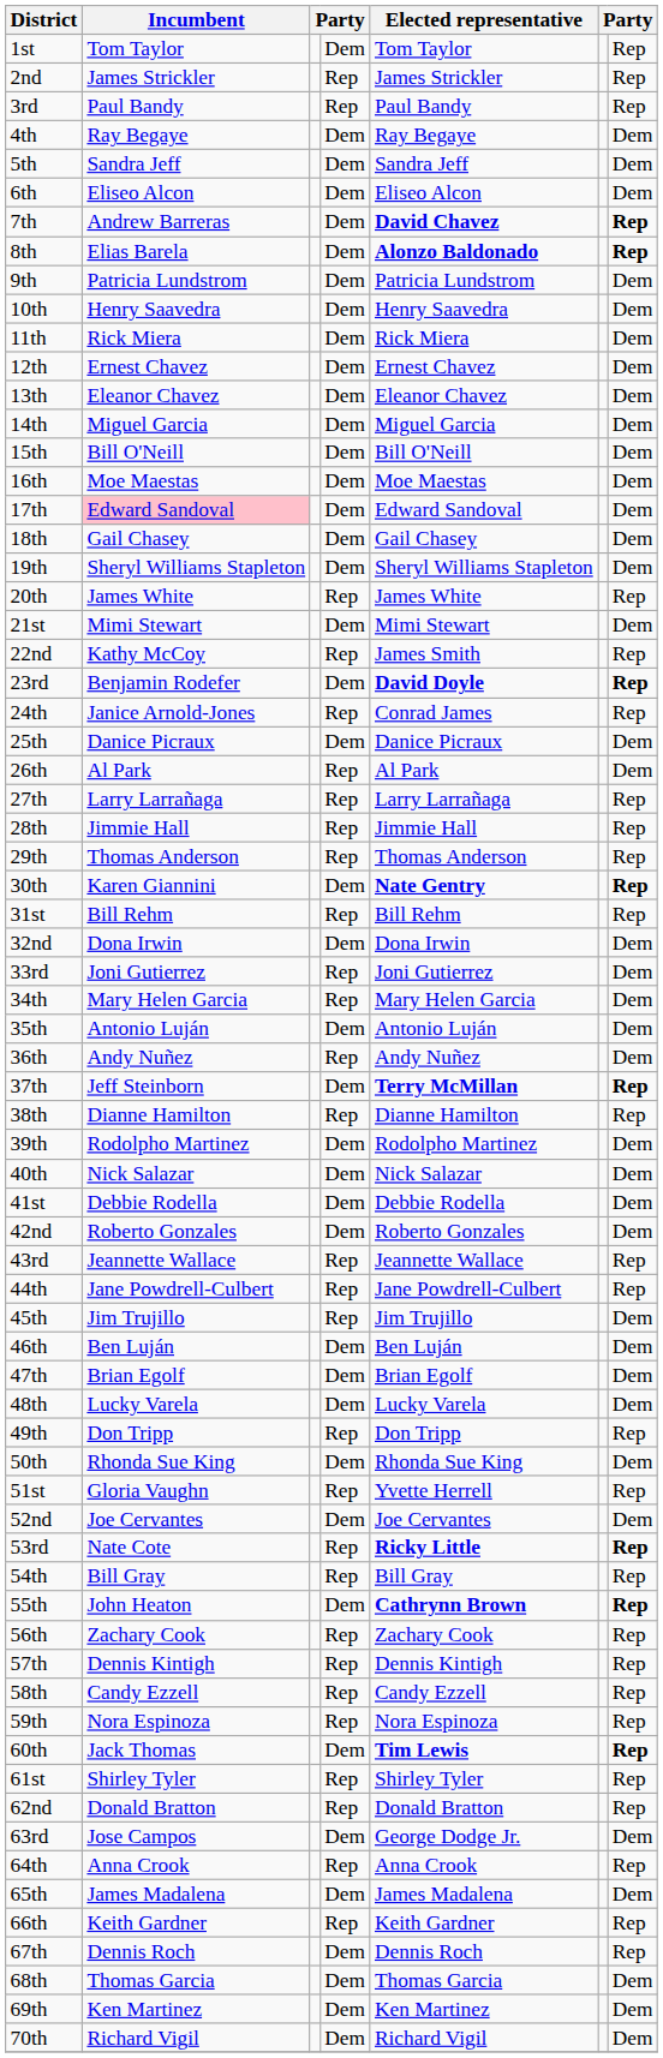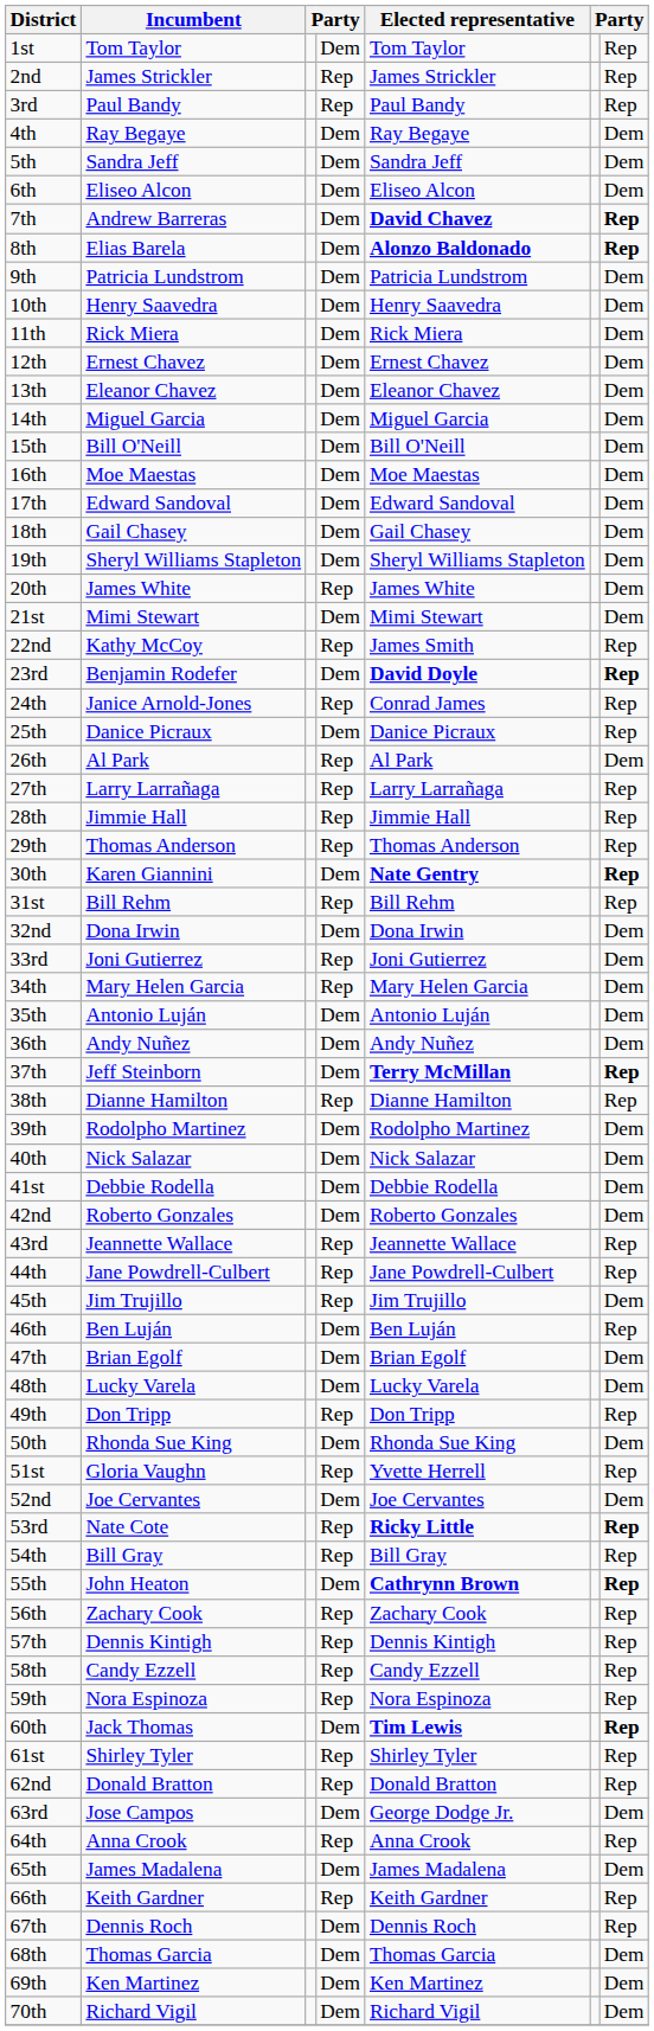 <table class=wikitable style="font-size:95%;line-height:14px;">
 <tr>
 <th>District</th>
 <th><a href='#'>Incumbent</a></th>
 <th colspan=2>Party</th>
 <th>Elected representative</th>
 <th colspan=2>Party</th>
 </tr>
 <tr>
 <td>1st</td>
 <td><a href='#'>Tom Taylor</a></td>
 <td style="background:"></td>
 <td>Dem</td>
 <td><a href='#'>Tom Taylor</a></td>
 <td style="background:"></td>
 <td>Rep</td>
 </tr>
 <tr>
 <td>2nd</td>
 <td><a href='#'>James Strickler</a></td>
 <td style="background:"></td>
 <td>Rep</td>
 <td><a href='#'>James Strickler</a></td>
 <td style="background:"></td>
 <td>Rep</td>
 </tr>
 <tr>
 <td>3rd</td>
 <td><a href='#'>Paul Bandy</a></td>
 <td style="background:"></td>
 <td>Rep</td>
 <td><a href='#'>Paul Bandy</a></td>
 <td style="background:"></td>
 <td>Rep</td>
 </tr>
 <tr>
 <td>4th</td>
 <td><a href='#'>Ray Begaye</a></td>
 <td style="background:"></td>
 <td>Dem</td>
 <td><a href='#'>Ray Begaye</a></td>
 <td style="background:"></td>
 <td>Dem</td>
 </tr>
 <tr>
 <td>5th</td>
 <td><a href='#'>Sandra Jeff</a></td>
 <td style="background:"></td>
 <td>Dem</td>
 <td><a href='#'>Sandra Jeff</a></td>
 <td style="background:"></td>
 <td>Dem</td>
 </tr>
 <tr>
 <td>6th</td>
 <td><a href='#'>Eliseo Alcon</a></td>
 <td style="background:"></td>
 <td>Dem</td>
 <td><a href='#'>Eliseo Alcon</a></td>
 <td style="background:"></td>
 <td>Dem</td>
 </tr>
 <tr>
 <td>7th</td>
 <td><a href='#'>Andrew Barreras</a></td>
 <td style="background:"></td>
 <td>Dem</td>
 <td><strong><a href='#'>David Chavez</a></strong></td>
 <td style="background:"></td>
 <td><strong>Rep</strong></td>
 </tr>
 <tr>
 <td>8th</td>
 <td><a href='#'>Elias Barela</a></td>
 <td style="background:"></td>
 <td>Dem</td>
 <td><strong><a href='#'>Alonzo Baldonado</a></strong></td>
 <td style="background:"></td>
 <td><strong>Rep</strong></td>
 </tr>
 <tr>
 <td>9th</td>
 <td><a href='#'>Patricia Lundstrom</a></td>
 <td style="background:"></td>
 <td>Dem</td>
 <td><a href='#'>Patricia Lundstrom</a></td>
 <td style="background:"></td>
 <td>Dem</td>
 </tr>
 <tr>
 <td>10th</td>
 <td><a href='#'>Henry Saavedra</a></td>
 <td style="background:"></td>
 <td>Dem</td>
 <td><a href='#'>Henry Saavedra</a></td>
 <td style="background:"></td>
 <td>Dem</td>
 </tr>
 <tr>
 <td>11th</td>
 <td><a href='#'>Rick Miera</a></td>
 <td style="background:"></td>
 <td>Dem</td>
 <td><a href='#'>Rick Miera</a></td>
 <td style="background:"></td>
 <td>Dem</td>
 </tr>
 <tr>
 <td>12th</td>
 <td><a href='#'>Ernest Chavez</a></td>
 <td style="background:"></td>
 <td>Dem</td>
 <td><a href='#'>Ernest Chavez</a></td>
 <td style="background:"></td>
 <td>Dem</td>
 </tr>
 <tr>
 <td>13th</td>
 <td><a href='#'>Eleanor Chavez</a></td>
 <td style="background:"></td>
 <td>Dem</td>
 <td><a href='#'>Eleanor Chavez</a></td>
 <td style="background:"></td>
 <td>Dem</td>
 </tr>
 <tr>
 <td>14th</td>
 <td><a href='#'>Miguel Garcia</a></td>
 <td style="background:"></td>
 <td>Dem</td>
 <td><a href='#'>Miguel Garcia</a></td>
 <td style="background:"></td>
 <td>Dem</td>
 </tr>
 <tr>
 <td>15th</td>
 <td><a href='#'>Bill O'Neill</a></td>
 <td style="background:"></td>
 <td>Dem</td>
 <td><a href='#'>Bill O'Neill</a></td>
 <td style="background:"></td>
 <td>Dem</td>
 </tr>
 <tr>
 <td>16th</td>
 <td><a href='#'>Moe Maestas</a></td>
 <td style="background:"></td>
 <td>Dem</td>
 <td><a href='#'>Moe Maestas</a></td>
 <td style="background:"></td>
 <td>Dem</td>
 </tr>
 <tr>
 <td>17th</td>
-<td style="background: pink;"><a href='#'>Edward Sandoval</a></td>
+<td><a href='#'>Edward Sandoval</a></td>
 <td style="background:"></td>
 <td>Dem</td>
 <td><a href='#'>Edward Sandoval</a></td>
 <td style="background:"></td>
 <td>Dem</td>
 </tr>
 <tr>
 <td>18th</td>
 <td><a href='#'>Gail Chasey</a></td>
 <td style="background:"></td>
 <td>Dem</td>
 <td><a href='#'>Gail Chasey</a></td>
 <td style="background:"></td>
 <td>Dem</td>
 </tr>
 <tr>
 <td>19th</td>
 <td><a href='#'>Sheryl Williams Stapleton</a></td>
 <td style="background:"></td>
 <td>Dem</td>
 <td><a href='#'>Sheryl Williams Stapleton</a></td>
 <td style="background:"></td>
 <td>Dem</td>
 </tr>
 <tr>
 <td>20th</td>
 <td><a href='#'>James White</a></td>
 <td style="background:"></td>
 <td>Rep</td>
 <td><a href='#'>James White</a></td>
 <td style="background:"></td>
-<td>Rep</td>
+<td>Dem</td>
 </tr>
 <tr>
 <td>21st</td>
 <td><a href='#'>Mimi Stewart</a></td>
 <td style="background:"></td>
 <td>Dem</td>
 <td><a href='#'>Mimi Stewart</a></td>
 <td style="background:"></td>
 <td>Dem</td>
 </tr>
 <tr>
 <td>22nd</td>
 <td><a href='#'>Kathy McCoy</a></td>
 <td style="background:"></td>
 <td>Rep</td>
 <td><a href='#'>James Smith</a></td>
 <td style="background:"></td>
 <td>Rep</td>
 </tr>
 <tr>
 <td>23rd</td>
 <td><a href='#'>Benjamin Rodefer</a></td>
 <td style="background:"></td>
 <td>Dem</td>
 <td><strong><a href='#'>David Doyle</a></strong></td>
 <td style="background:"></td>
 <td><strong>Rep</strong></td>
 </tr>
 <tr>
 <td>24th</td>
 <td><a href='#'>Janice Arnold-Jones</a></td>
 <td style="background:"></td>
 <td>Rep</td>
 <td><a href='#'>Conrad James</a></td>
 <td style="background:"></td>
 <td>Rep</td>
 </tr>
 <tr>
 <td>25th</td>
 <td><a href='#'>Danice Picraux</a></td>
 <td style="background:"></td>
 <td>Dem</td>
 <td><a href='#'>Danice Picraux</a></td>
 <td style="background:"></td>
-<td>Dem</td>
+<td>Rep</td>
 </tr>
 <tr>
 <td>26th</td>
 <td><a href='#'>Al Park</a></td>
 <td style="background:"></td>
 <td>Rep</td>
 <td><a href='#'>Al Park</a></td>
 <td style="background:"></td>
 <td>Dem</td>
 </tr>
 <tr>
 <td>27th</td>
 <td><a href='#'>Larry Larrañaga</a></td>
 <td style="background:"></td>
 <td>Rep</td>
 <td><a href='#'>Larry Larrañaga</a></td>
 <td style="background:"></td>
 <td>Rep</td>
 </tr>
 <tr>
 <td>28th</td>
 <td><a href='#'>Jimmie Hall</a></td>
 <td style="background:"></td>
 <td>Rep</td>
 <td><a href='#'>Jimmie Hall</a></td>
 <td style="background:"></td>
 <td>Rep</td>
 </tr>
 <tr>
 <td>29th</td>
 <td><a href='#'>Thomas Anderson</a></td>
 <td style="background:"></td>
 <td>Rep</td>
 <td><a href='#'>Thomas Anderson</a></td>
 <td style="background:"></td>
 <td>Rep</td>
 </tr>
 <tr>
 <td>30th</td>
 <td><a href='#'>Karen Giannini</a></td>
 <td style="background:"></td>
 <td>Dem</td>
 <td><strong><a href='#'>Nate Gentry</a></strong></td>
 <td style="background:"></td>
 <td><strong>Rep</strong></td>
 </tr>
 <tr>
 <td>31st</td>
 <td><a href='#'>Bill Rehm</a></td>
 <td style="background:"></td>
 <td>Rep</td>
 <td><a href='#'>Bill Rehm</a></td>
 <td style="background:"></td>
 <td>Rep</td>
 </tr>
 <tr>
 <td>32nd</td>
 <td><a href='#'>Dona Irwin</a></td>
 <td style="background:"></td>
 <td>Dem</td>
 <td><a href='#'>Dona Irwin</a></td>
 <td style="background:"></td>
 <td>Dem</td>
 </tr>
 <tr>
 <td>33rd</td>
 <td><a href='#'>Joni Gutierrez</a></td>
 <td style="background:"></td>
 <td>Rep</td>
 <td><a href='#'>Joni Gutierrez</a></td>
 <td style="background:"></td>
 <td>Dem</td>
 </tr>
 <tr>
 <td>34th</td>
 <td><a href='#'>Mary Helen Garcia</a></td>
 <td style="background:"></td>
 <td>Rep</td>
 <td><a href='#'>Mary Helen Garcia</a></td>
 <td style="background:"></td>
 <td>Dem</td>
 </tr>
 <tr>
 <td>35th</td>
 <td><a href='#'>Antonio Luján</a></td>
 <td style="background:"></td>
 <td>Dem</td>
 <td><a href='#'>Antonio Luján</a></td>
 <td style="background:"></td>
 <td>Dem</td>
 </tr>
 <tr>
 <td>36th</td>
 <td><a href='#'>Andy Nuñez</a></td>
 <td style="background:"></td>
-<td>Rep</td>
+<td>Dem</td>
 <td><a href='#'>Andy Nuñez</a></td>
 <td style="background:"></td>
 <td>Dem</td>
 </tr>
 <tr>
 <td>37th</td>
 <td><a href='#'>Jeff Steinborn</a></td>
 <td style="background:"></td>
 <td>Dem</td>
 <td><strong><a href='#'>Terry McMillan</a></strong></td>
 <td style="background:"></td>
 <td><strong>Rep</strong></td>
 </tr>
 <tr>
 <td>38th</td>
 <td><a href='#'>Dianne Hamilton</a></td>
 <td style="background:"></td>
 <td>Rep</td>
 <td><a href='#'>Dianne Hamilton</a></td>
 <td style="background:"></td>
 <td>Rep</td>
 </tr>
 <tr>
 <td>39th</td>
 <td><a href='#'>Rodolpho Martinez</a></td>
 <td style="background:"></td>
 <td>Dem</td>
 <td><a href='#'>Rodolpho Martinez</a></td>
 <td style="background:"></td>
 <td>Dem</td>
 </tr>
 <tr>
 <td>40th</td>
 <td><a href='#'>Nick Salazar</a></td>
 <td style="background:"></td>
 <td>Dem</td>
 <td><a href='#'>Nick Salazar</a></td>
 <td style="background:"></td>
 <td>Dem</td>
 </tr>
 <tr>
 <td>41st</td>
 <td><a href='#'>Debbie Rodella</a></td>
 <td style="background:"></td>
 <td>Dem</td>
 <td><a href='#'>Debbie Rodella</a></td>
 <td style="background:"></td>
 <td>Dem</td>
 </tr>
 <tr>
 <td>42nd</td>
 <td><a href='#'>Roberto Gonzales</a></td>
 <td style="background:"></td>
 <td>Dem</td>
 <td><a href='#'>Roberto Gonzales</a></td>
 <td style="background:"></td>
 <td>Dem</td>
 </tr>
 <tr>
 <td>43rd</td>
 <td><a href='#'>Jeannette Wallace</a></td>
 <td style="background:"></td>
 <td>Rep</td>
 <td><a href='#'>Jeannette Wallace</a></td>
 <td style="background:"></td>
 <td>Rep</td>
 </tr>
 <tr>
 <td>44th</td>
 <td><a href='#'>Jane Powdrell-Culbert</a></td>
 <td style="background:"></td>
 <td>Rep</td>
 <td><a href='#'>Jane Powdrell-Culbert</a></td>
 <td style="background:"></td>
 <td>Rep</td>
 </tr>
 <tr>
 <td>45th</td>
 <td><a href='#'>Jim Trujillo</a></td>
 <td style="background:"></td>
 <td>Rep</td>
 <td><a href='#'>Jim Trujillo</a></td>
 <td style="background:"></td>
 <td>Dem</td>
 </tr>
 <tr>
 <td>46th</td>
 <td><a href='#'>Ben Luján</a></td>
 <td style="background:"></td>
 <td>Dem</td>
 <td><a href='#'>Ben Luján</a></td>
 <td style="background:"></td>
-<td>Dem</td>
+<td>Rep</td>
 </tr>
 <tr>
 <td>47th</td>
 <td><a href='#'>Brian Egolf</a></td>
 <td style="background:"></td>
 <td>Dem</td>
 <td><a href='#'>Brian Egolf</a></td>
 <td style="background:"></td>
 <td>Dem</td>
 </tr>
 <tr>
 <td>48th</td>
 <td><a href='#'>Lucky Varela</a></td>
 <td style="background:"></td>
 <td>Dem</td>
 <td><a href='#'>Lucky Varela</a></td>
 <td style="background:"></td>
 <td>Dem</td>
 </tr>
 <tr>
 <td>49th</td>
 <td><a href='#'>Don Tripp</a></td>
 <td style="background:"></td>
 <td>Rep</td>
 <td><a href='#'>Don Tripp</a></td>
 <td style="background:"></td>
 <td>Rep</td>
 </tr>
 <tr>
 <td>50th</td>
 <td><a href='#'>Rhonda Sue King</a></td>
 <td style="background:"></td>
 <td>Dem</td>
 <td><a href='#'>Rhonda Sue King</a></td>
 <td style="background:"></td>
 <td>Dem</td>
 </tr>
 <tr>
 <td>51st</td>
 <td><a href='#'>Gloria Vaughn</a></td>
 <td style="background:"></td>
 <td>Rep</td>
 <td><a href='#'>Yvette Herrell</a></td>
 <td style="background:"></td>
 <td>Rep</td>
 </tr>
 <tr>
 <td>52nd</td>
 <td><a href='#'>Joe Cervantes</a></td>
 <td style="background:"></td>
 <td>Dem</td>
 <td><a href='#'>Joe Cervantes</a></td>
 <td style="background:"></td>
 <td>Dem</td>
 </tr>
 <tr>
 <td>53rd</td>
 <td><a href='#'>Nate Cote</a></td>
 <td style="background:"></td>
 <td>Rep</td>
 <td><strong><a href='#'>Ricky Little</a></strong></td>
 <td style="background:"></td>
 <td><strong>Rep</strong></td>
 </tr>
 <tr>
 <td>54th</td>
 <td><a href='#'>Bill Gray</a></td>
 <td style="background:"></td>
 <td>Rep</td>
 <td><a href='#'>Bill Gray</a></td>
 <td style="background:"></td>
 <td>Rep</td>
 </tr>
 <tr>
 <td>55th</td>
 <td><a href='#'>John Heaton</a></td>
 <td style="background:"></td>
 <td>Dem</td>
 <td><strong><a href='#'>Cathrynn Brown</a></strong></td>
 <td style="background:"></td>
 <td><strong>Rep</strong></td>
 </tr>
 <tr>
 <td>56th</td>
 <td><a href='#'>Zachary Cook</a></td>
 <td style="background:"></td>
 <td>Rep</td>
 <td><a href='#'>Zachary Cook</a></td>
 <td style="background:"></td>
 <td>Rep</td>
 </tr>
 <tr>
 <td>57th</td>
 <td><a href='#'>Dennis Kintigh</a></td>
 <td style="background:"></td>
 <td>Rep</td>
 <td><a href='#'>Dennis Kintigh</a></td>
 <td style="background:"></td>
 <td>Rep</td>
 </tr>
 <tr>
 <td>58th</td>
 <td><a href='#'>Candy Ezzell</a></td>
 <td style="background:"></td>
 <td>Rep</td>
 <td><a href='#'>Candy Ezzell</a></td>
 <td style="background:"></td>
 <td>Rep</td>
 </tr>
 <tr>
 <td>59th</td>
 <td><a href='#'>Nora Espinoza</a></td>
 <td style="background:"></td>
 <td>Rep</td>
 <td><a href='#'>Nora Espinoza</a></td>
 <td style="background:"></td>
 <td>Rep</td>
 </tr>
 <tr>
 <td>60th</td>
 <td><a href='#'>Jack Thomas</a></td>
 <td style="background:"></td>
 <td>Dem</td>
 <td><strong><a href='#'>Tim Lewis</a></strong></td>
 <td style="background:"></td>
 <td><strong>Rep</strong></td>
 </tr>
 <tr>
 <td>61st</td>
 <td><a href='#'>Shirley Tyler</a></td>
 <td style="background:"></td>
 <td>Rep</td>
 <td><a href='#'>Shirley Tyler</a></td>
 <td style="background:"></td>
 <td>Rep</td>
 </tr>
 <tr>
 <td>62nd</td>
 <td><a href='#'>Donald Bratton</a></td>
 <td style="background:"></td>
 <td>Rep</td>
 <td><a href='#'>Donald Bratton</a></td>
 <td style="background:"></td>
 <td>Rep</td>
 </tr>
 <tr>
 <td>63rd</td>
 <td><a href='#'>Jose Campos</a></td>
 <td style="background:"></td>
 <td>Dem</td>
 <td><a href='#'>George Dodge Jr.</a></td>
 <td style="background:"></td>
 <td>Dem</td>
 </tr>
 <tr>
 <td>64th</td>
 <td><a href='#'>Anna Crook</a></td>
 <td style="background:"></td>
 <td>Rep</td>
 <td><a href='#'>Anna Crook</a></td>
 <td style="background:"></td>
 <td>Rep</td>
 </tr>
 <tr>
 <td>65th</td>
 <td><a href='#'>James Madalena</a></td>
 <td style="background:"></td>
 <td>Dem</td>
 <td><a href='#'>James Madalena</a></td>
 <td style="background:"></td>
 <td>Dem</td>
 </tr>
 <tr>
 <td>66th</td>
 <td><a href='#'>Keith Gardner</a></td>
 <td style="background:"></td>
 <td>Rep</td>
 <td><a href='#'>Keith Gardner</a></td>
 <td style="background:"></td>
 <td>Rep</td>
 </tr>
 <tr>
 <td>67th</td>
 <td><a href='#'>Dennis Roch</a></td>
 <td style="background:"></td>
 <td>Dem</td>
 <td><a href='#'>Dennis Roch</a></td>
 <td style="background:"></td>
 <td>Rep</td>
 </tr>
 <tr>
 <td>68th</td>
 <td><a href='#'>Thomas Garcia</a></td>
 <td style="background:"></td>
 <td>Dem</td>
 <td><a href='#'>Thomas Garcia</a></td>
 <td style="background:"></td>
 <td>Dem</td>
 </tr>
 <tr>
 <td>69th</td>
 <td><a href='#'>Ken Martinez</a></td>
 <td style="background:"></td>
 <td>Dem</td>
 <td><a href='#'>Ken Martinez</a></td>
 <td style="background:"></td>
 <td>Dem</td>
 </tr>
 <tr>
 <td>70th</td>
 <td><a href='#'>Richard Vigil</a></td>
 <td style="background:"></td>
 <td>Dem</td>
 <td><a href='#'>Richard Vigil</a></td>
 <td style="background:"></td>
 <td>Dem</td>
 </tr>
 <tr>
 </tr>
 </table>
